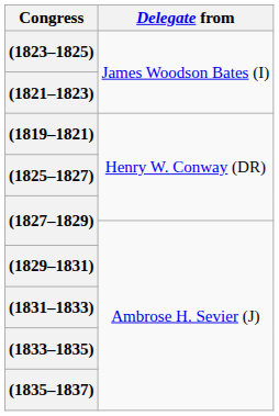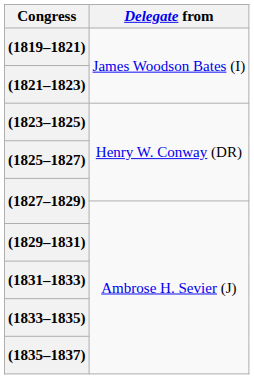 <table class=wikitable style="text-align:center">
 <tr>
 <th scope="col">Congress</th>
 <th scope="col"><em><a href='#'>Delegate</a></em> from<br></th>
 </tr>
 <tr style="height:2.5em">
-<th scope="row"> (1823–1825)</th>
+<th scope="row"> (1819–1821)</th>
 <td rowspan=2 ><a href='#'>James Woodson Bates</a> (I)</td>
 </tr>
 <tr style="height:2.5em">
 <th scope="row"> (1821–1823)</th>
 </tr>
 <tr style="height:2.5em">
-<th scope="row"> (1819–1821)</th>
+<th scope="row"> (1823–1825)</th>
 <td rowspan=3 ><a href='#'>Henry W. Conway</a> (DR)</td>
 </tr>
 <tr style="height:2.5em">
 <th scope="row"> (1825–1827)</th>
 </tr>
 <tr style="height:1.5em">
 <th scope="row" rowspan=2> (1827–1829)</th>
 </tr>
 <tr style="height:1.5em">
 <td rowspan=5 ><a href='#'>Ambrose H. Sevier</a> (J)</td>
 </tr>
 <tr style="height:2.5em">
 <th scope="row"> (1829–1831)</th>
 </tr>
 <tr style="height:2.5em">
 <th scope="row"> (1831–1833)</th>
 </tr>
 <tr style="height:2.5em">
 <th scope="row"> (1833–1835)</th>
 </tr>
 <tr style="height:2.5em">
 <th scope="row"> (1835–1837)</th>
 </tr>
 </table>
